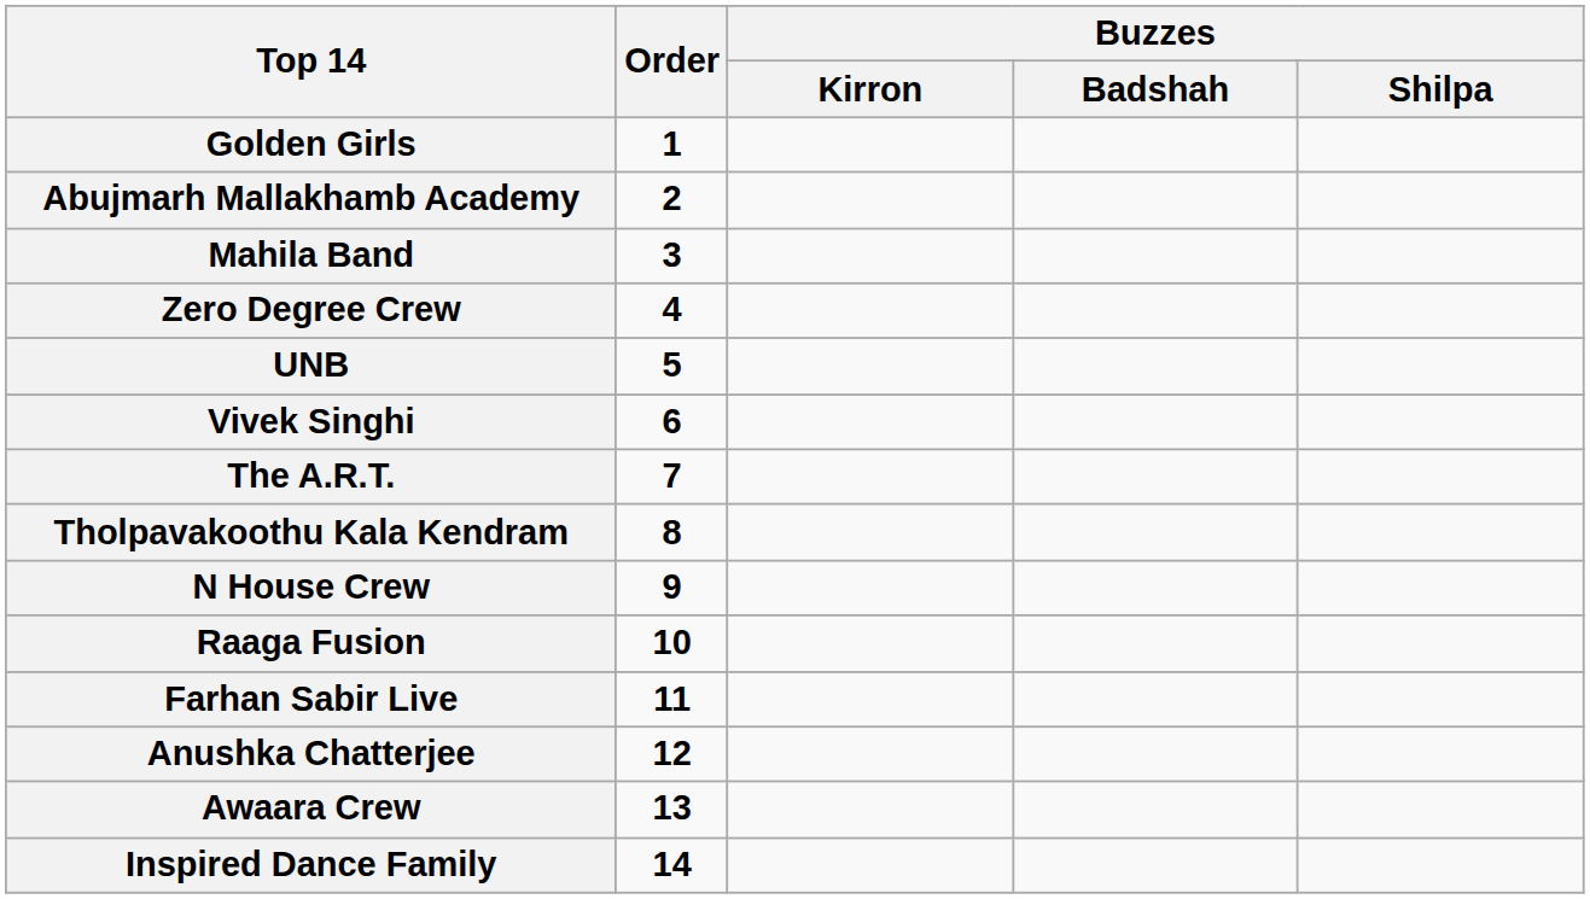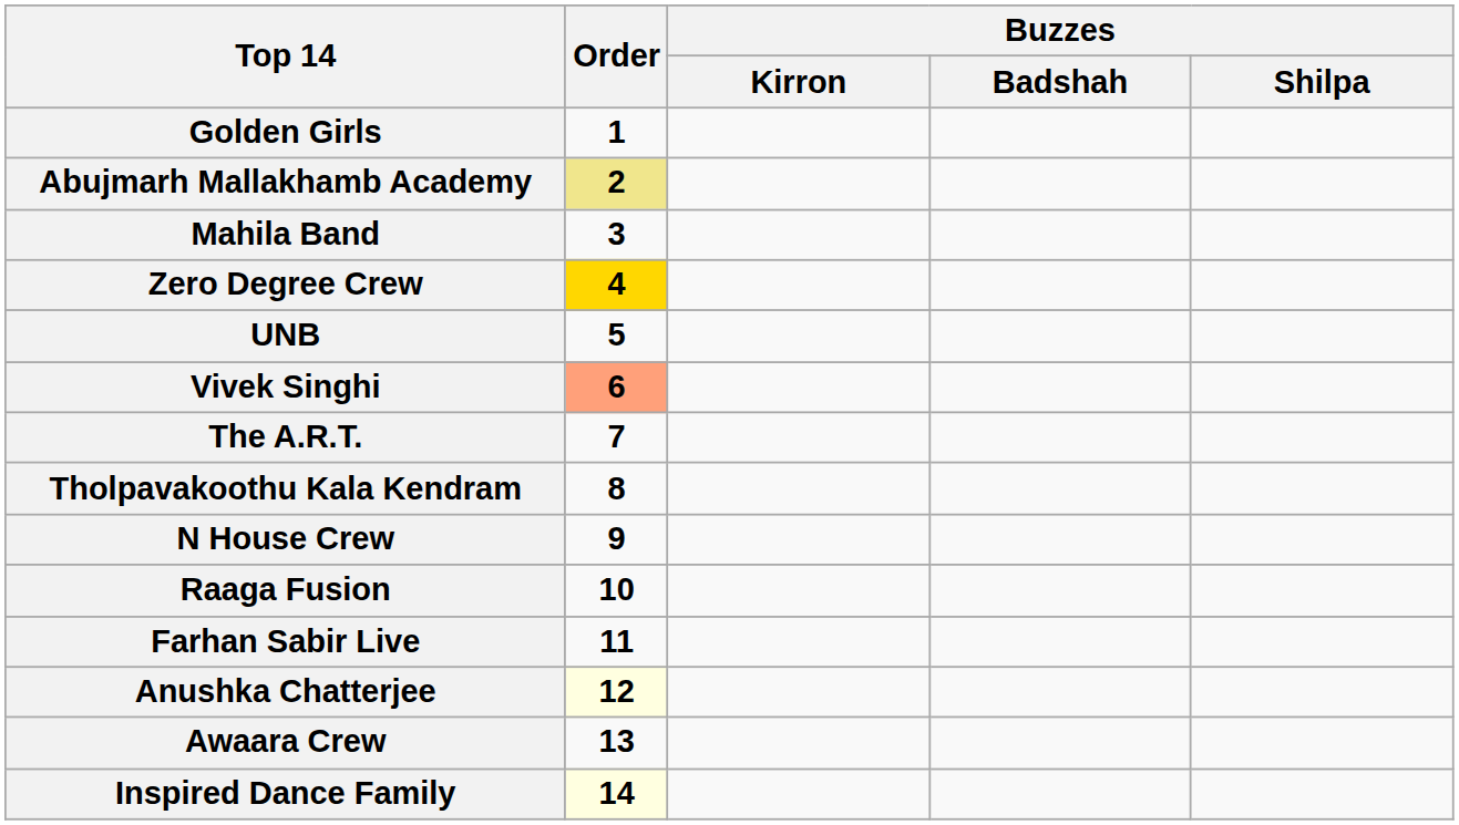 <table class="wikitable plainrowheaders sortable" style="text-align:center;">
 <tr>
 <th rowspan="2" class="unsortable" scope="col" style="width:17em;">Top 14</th>
 <th rowspan="2" scope="col" style="width:1em;">Order</th>
 <th colspan="3" class="unsortable" scope="col" style="width:24em;">Buzzes</th>
 </tr>
 <tr>
 <th class="unsortable" scope="col" style="width:6em;">Kirron</th>
 <th class="unsortable" scope="col" style="width:6em;">Badshah</th>
 <th class="unsortable" scope="col" style="width:6em;">Shilpa</th>
 </tr>
 <tr>
 <th>Golden Girls</th>
 <td><strong>1</strong></td>
 <td style="text-align:center;"></td>
 <td style="text-align:center;"></td>
 <td style="text-align:center;"></td>
 </tr>
 <tr>
 <th>Abujmarh Mallakhamb Academy</th>
-<td><strong>2</strong></td>
+<td style="background: khaki;"><strong>2</strong></td>
 <td></td>
 <td></td>
 <td></td>
 </tr>
 <tr>
 <th>Mahila Band</th>
 <td><strong>3</strong></td>
 <td></td>
 <td></td>
 <td></td>
 </tr>
 <tr>
 <th>Zero Degree Crew</th>
-<td><strong>4</strong></td>
+<td style="background: gold;"><strong>4</strong></td>
 <td></td>
 <td></td>
 <td></td>
 </tr>
 <tr>
 <th>UNB</th>
 <td><strong>5</strong></td>
 <td></td>
 <td></td>
 <td></td>
 </tr>
 <tr>
 <th>Vivek Singhi</th>
-<td><strong>6</strong></td>
+<td style="background: lightsalmon;"><strong>6</strong></td>
 <td></td>
 <td></td>
 <td></td>
 </tr>
 <tr>
 <th>The A.R.T.</th>
 <td><strong>7</strong></td>
 <td></td>
 <td></td>
 <td></td>
 </tr>
 <tr>
 <th>Tholpavakoothu Kala Kendram</th>
 <td><strong>8</strong></td>
 <td></td>
 <td></td>
 <td></td>
 </tr>
 <tr>
 <th>N House Crew</th>
 <td><strong>9</strong></td>
 <td></td>
 <td></td>
 <td></td>
 </tr>
 <tr>
 <th>Raaga Fusion</th>
 <td><strong>10</strong></td>
 <td></td>
 <td></td>
 <td></td>
 </tr>
 <tr>
 <th>Farhan Sabir Live</th>
 <td><strong>11</strong></td>
 <td></td>
 <td></td>
 <td></td>
 </tr>
 <tr>
 <th>Anushka Chatterjee</th>
-<td><strong>12</strong></td>
+<td style="background: lightyellow;"><strong>12</strong></td>
 <td></td>
 <td></td>
 <td></td>
 </tr>
 <tr>
 <th>Awaara Crew</th>
 <td><strong>13</strong></td>
 <td></td>
 <td></td>
 <td></td>
 </tr>
 <tr>
 <th>Inspired Dance Family</th>
-<td><strong>14</strong></td>
+<td style="background: lightyellow;"><strong>14</strong></td>
 <td></td>
 <td></td>
 <td></td>
 </tr>
 </table>
